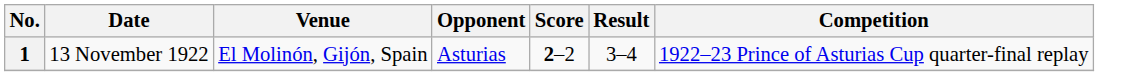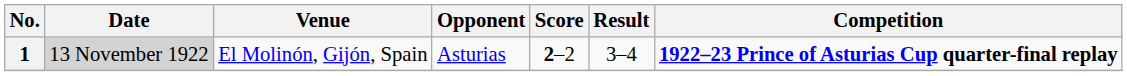 <table class="wikitable sortable plainrowheaders">
 <tr>
 <th scope=col>No.</th>
 <th scope=col>Date</th>
 <th scope=col>Venue</th>
 <th scope=col>Opponent</th>
 <th scope=col>Score</th>
 <th scope=col>Result</th>
 <th scope=col>Competition</th>
 </tr>
 <tr>
 <th scope=row style=text-align:center>1</th>
-<td>13 November 1922</td>
+<td style="background: lightgrey;">13 November 1922</td>
 <td><a href='#'>El Molinón</a>, <a href='#'>Gijón</a>, Spain</td>
 <td> <a href='#'>Asturias</a></td>
 <td align=center><strong>2</strong>–2</td>
 <td align=center>3–4</td>
-<td><a href='#'>1922–23 Prince of Asturias Cup</a> quarter-final replay</td>
+<td><strong><a href='#'>1922–23 Prince of Asturias Cup</a> quarter-final replay</strong></td>
 </tr>
 <tr>
 </tr>
 </table>
